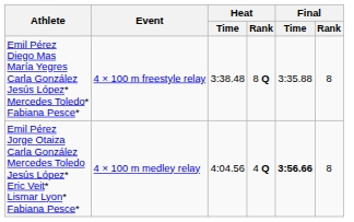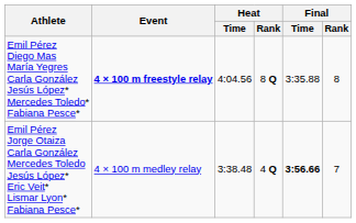 <table class=wikitable style=font-size:90%;text-align:center>
 <tr>
 <th rowspan=2>Athlete</th>
 <th rowspan=2>Event</th>
 <th colspan=2>Heat</th>
 <th colspan=2>Final</th>
 </tr>
 <tr style=font-size:95%>
 <th>Time</th>
 <th>Rank</th>
 <th>Time</th>
 <th>Rank</th>
 </tr>
 <tr>
 <td align=left><a href='#'>Emil Pérez</a><br><a href='#'>Diego Mas</a><br><a href='#'>María Yegres</a><br><a href='#'>Carla González</a><br><a href='#'>Jesús López</a>*<br><a href='#'>Mercedes Toledo</a>*<br><a href='#'>Fabiana Pesce</a>*</td>
-<td align=left><a href='#'>4 × 100 m freestyle relay</a></td>
-<td>3:38.48</td>
+<td align=left><strong><a href='#'>4 × 100 m freestyle relay</a></strong></td>
+<td>4:04.56</td>
 <td>8 <strong>Q</strong></td>
 <td>3:35.88</td>
 <td>8</td>
 </tr>
 <tr>
 <td align=left><a href='#'>Emil Pérez</a><br><a href='#'>Jorge Otaiza</a><br><a href='#'>Carla González</a><br><a href='#'>Mercedes Toledo</a><br><a href='#'>Jesús López</a>*<br><a href='#'>Eric Veit</a>*<br><a href='#'>Lismar Lyon</a>*<br><a href='#'>Fabiana Pesce</a>*</td>
 <td align=left><a href='#'>4 × 100 m medley relay</a></td>
-<td>4:04.56</td>
+<td>3:38.48</td>
 <td>4 <strong>Q</strong></td>
 <td><strong>3:56.66</strong></td>
-<td>8</td>
+<td>7</td>
 </tr>
 </table>
